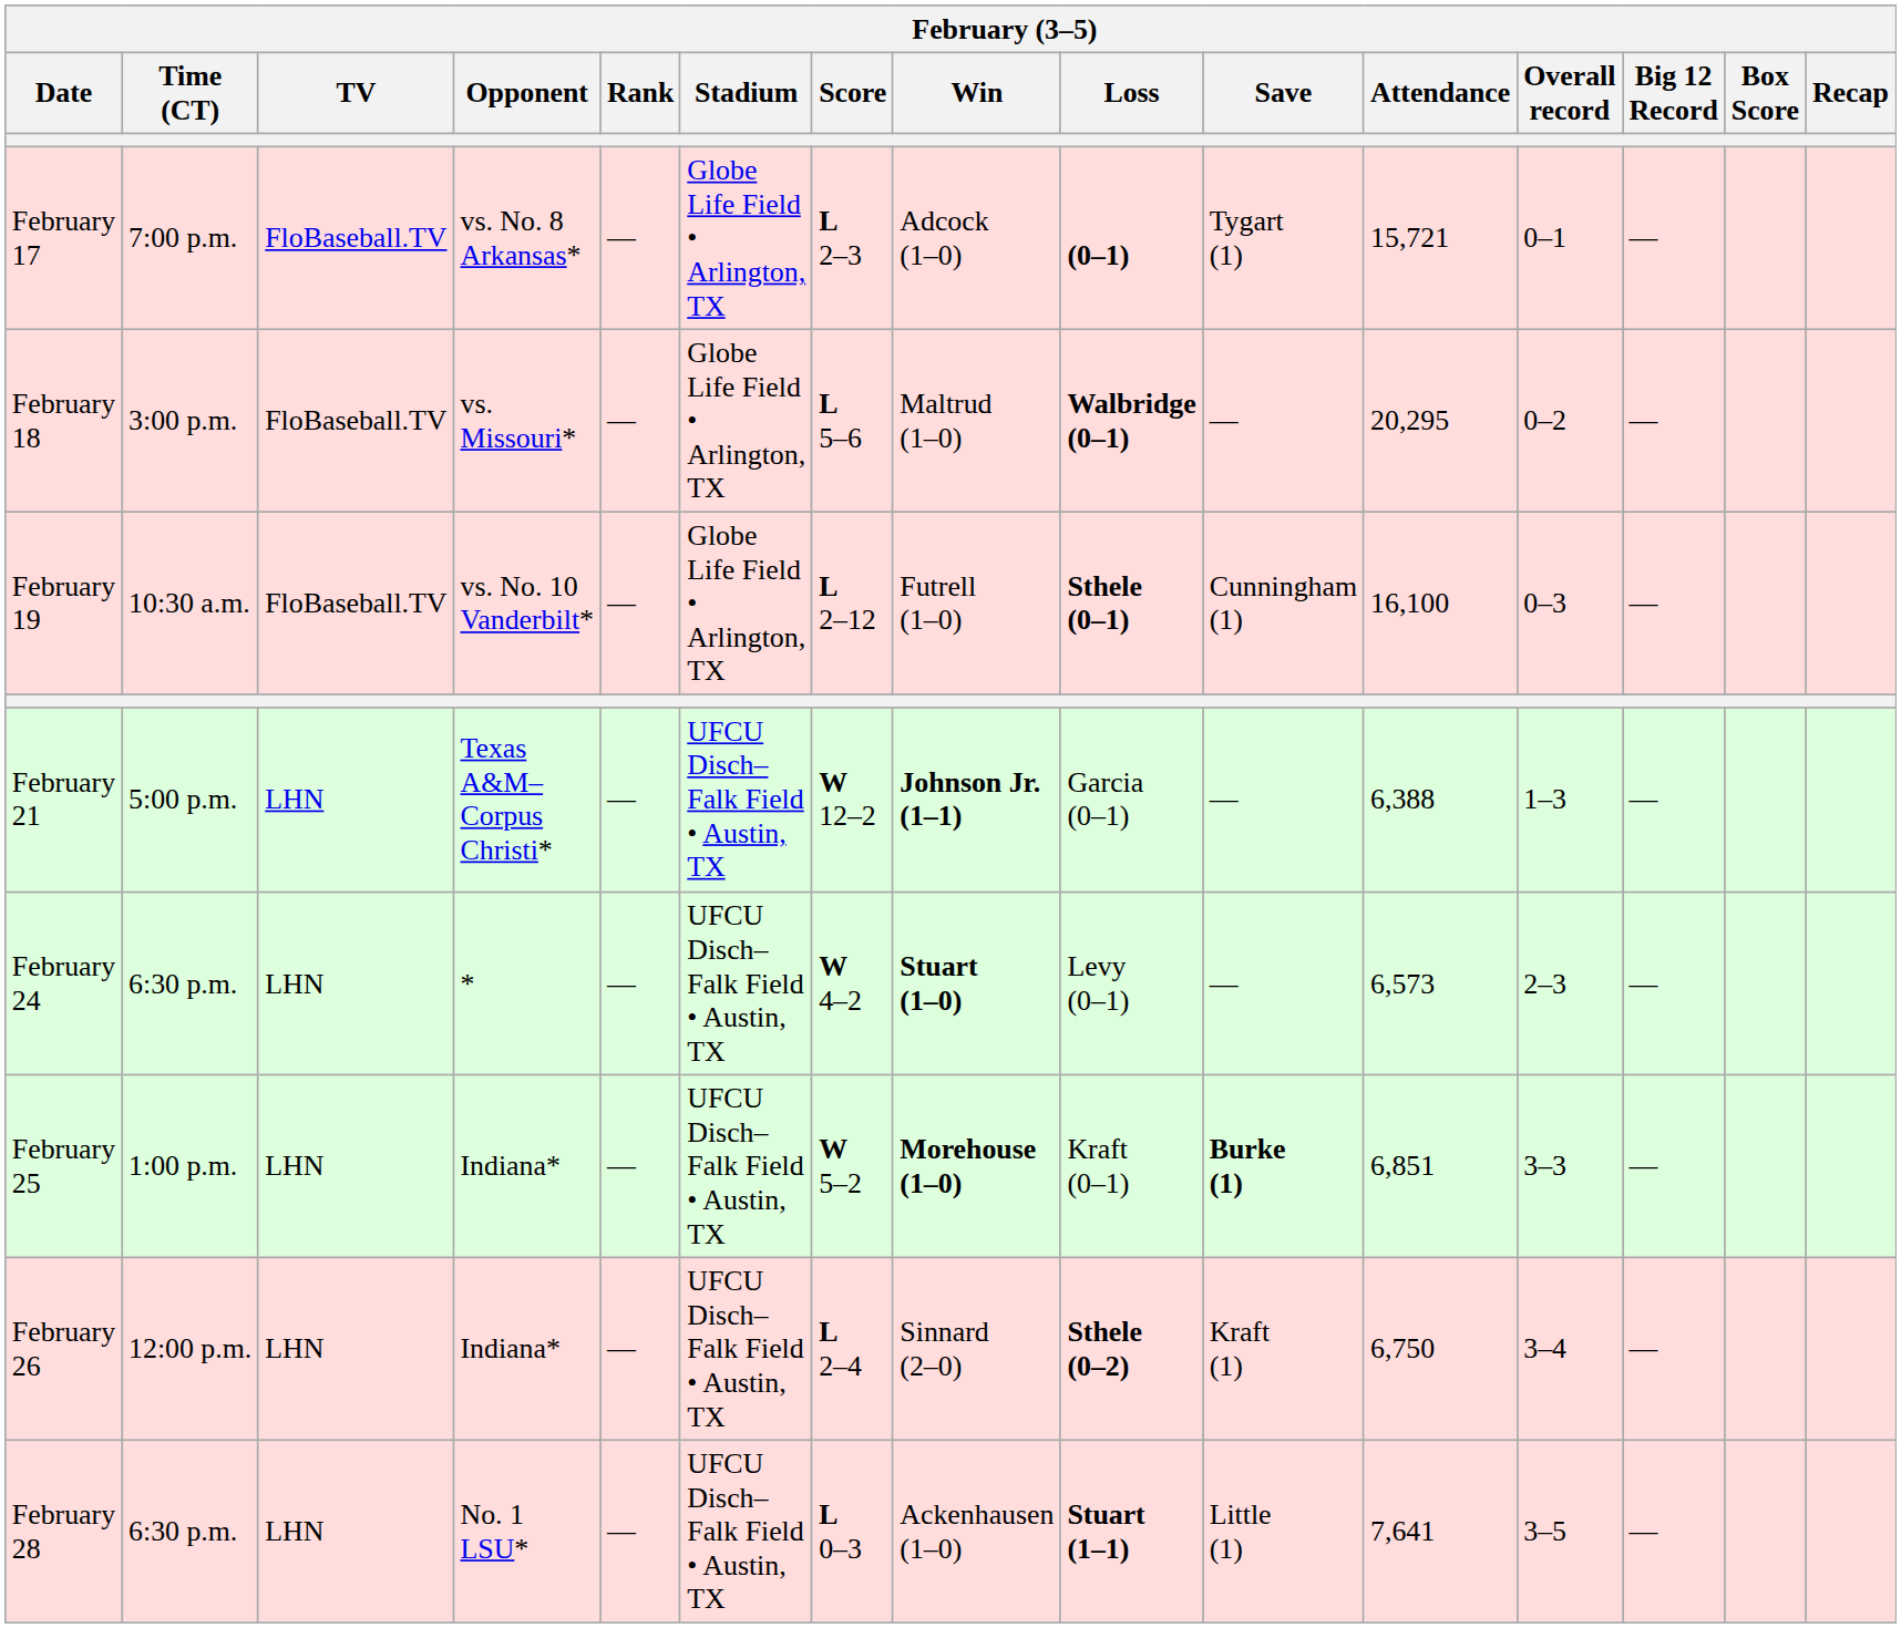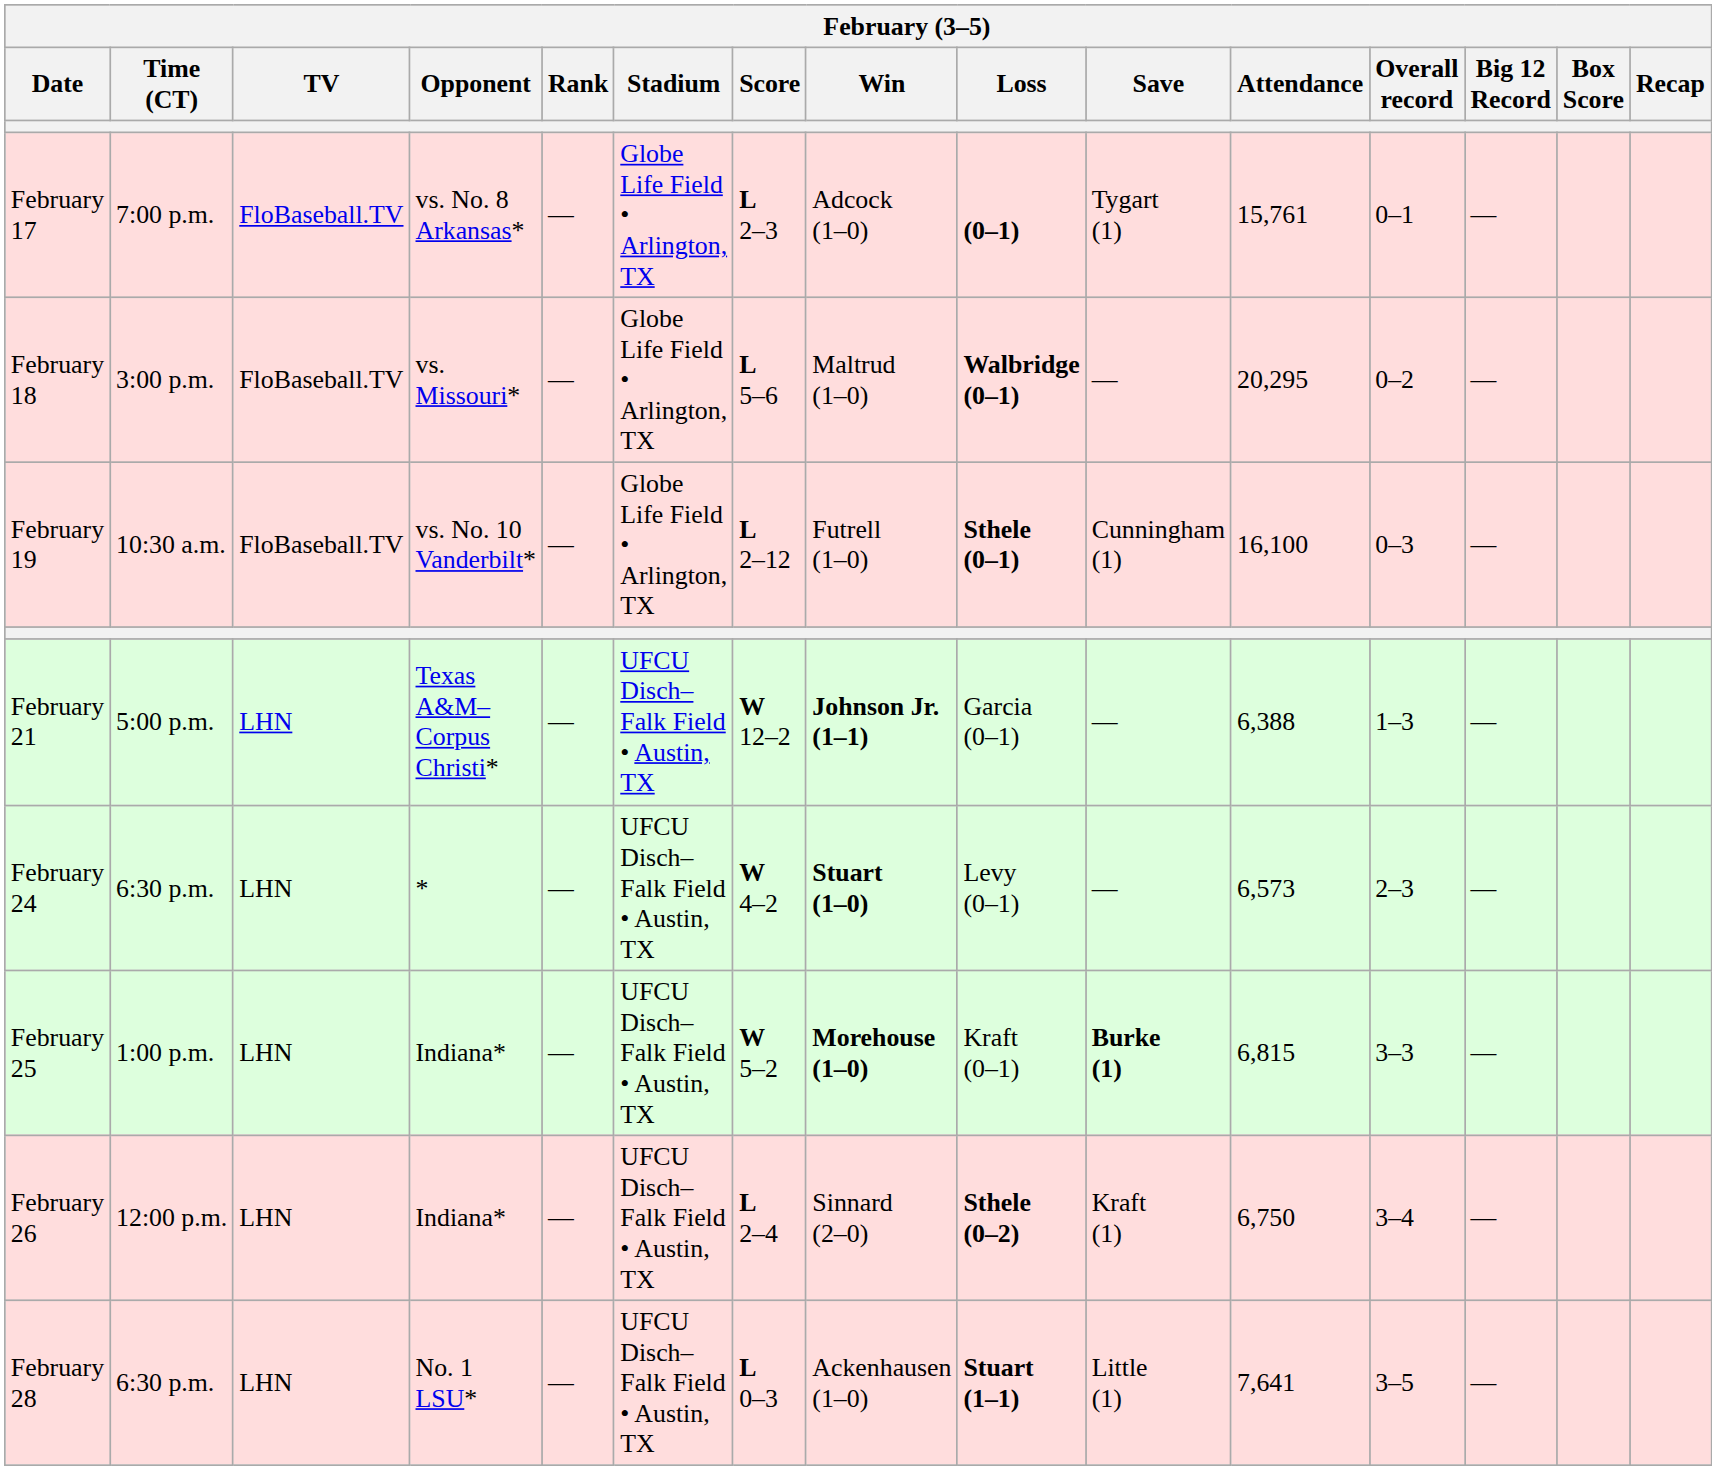 <table class="wikitable collapsible collapsed" style="margin:auto; font-size:95%; width:100%">
 <tr>
 <th colspan=15 style="padding-left:4em;">February (3–5)</th>
 </tr>
 <tr>
 <th>Date</th>
 <th>Time (CT)</th>
 <th>TV</th>
 <th>Opponent</th>
 <th>Rank</th>
 <th>Stadium</th>
 <th>Score</th>
 <th>Win</th>
 <th>Loss</th>
 <th>Save</th>
 <th>Attendance</th>
 <th>Overall record</th>
 <th>Big 12 Record</th>
 <th>Box Score</th>
 <th>Recap</th>
 </tr>
 <tr>
 <th colspan=15></th>
 </tr>
 <tr bgcolor=ffdddd>
 <td>February 17</td>
 <td>7:00 p.m.</td>
 <td><a href='#'>FloBaseball.TV</a></td>
 <td>vs. No. 8 <a href='#'>Arkansas</a>*</td>
 <td>—</td>
 <td><a href='#'>Globe Life Field</a> • <a href='#'>Arlington, TX</a></td>
 <td><strong>L</strong><br>2–3</td>
 <td>Adcock<br>(1–0)</td>
 <td><strong><br>(0–1)</strong></td>
 <td>Tygart<br>(1)</td>
-<td>15,721</td>
+<td>15,761</td>
 <td>0–1</td>
 <td>—</td>
 <td></td>
 <td></td>
 </tr>
 <tr bgcolor=ffdddd>
 <td>February 18</td>
 <td>3:00 p.m.</td>
 <td>FloBaseball.TV</td>
 <td>vs. <a href='#'>Missouri</a>*</td>
 <td>—</td>
 <td>Globe Life Field • Arlington, TX</td>
 <td><strong>L</strong><br>5–6</td>
 <td>Maltrud<br>(1–0)</td>
 <td><strong>Walbridge<br>(0–1)</strong></td>
 <td>—</td>
 <td>20,295</td>
 <td>0–2</td>
 <td>—</td>
 <td></td>
 <td></td>
 </tr>
 <tr bgcolor=ffdddd>
 <td>February 19</td>
 <td>10:30 a.m.</td>
 <td>FloBaseball.TV</td>
 <td>vs. No. 10 <a href='#'>Vanderbilt</a>*</td>
 <td>—</td>
 <td>Globe Life Field • Arlington, TX</td>
 <td><strong>L</strong><br>2–12</td>
 <td>Futrell<br>(1–0)</td>
 <td><strong>Sthele<br>(0–1)</strong></td>
 <td>Cunningham<br>(1)</td>
 <td>16,100</td>
 <td>0–3</td>
 <td>—</td>
 <td></td>
 <td></td>
 </tr>
 <tr>
 <th colspan=15></th>
 </tr>
 <tr bgcolor=ddffdd>
 <td>February 21</td>
 <td>5:00 p.m.</td>
 <td><a href='#'>LHN</a></td>
 <td><a href='#'>Texas A&M–Corpus Christi</a>*</td>
 <td>—</td>
 <td><a href='#'>UFCU Disch–Falk Field</a> • <a href='#'>Austin, TX</a></td>
 <td><strong>W</strong><br>12–2</td>
 <td><strong>Johnson Jr.<br>(1–1)</strong></td>
 <td>Garcia<br>(0–1)</td>
 <td>—</td>
 <td>6,388</td>
 <td>1–3</td>
 <td>—</td>
 <td></td>
 <td></td>
 </tr>
 <tr bgcolor=ddffdd>
 <td>February 24</td>
 <td>6:30 p.m.</td>
 <td>LHN</td>
 <td>*</td>
 <td>—</td>
 <td>UFCU Disch–Falk Field • Austin, TX</td>
 <td><strong>W</strong><br>4–2</td>
 <td><strong>Stuart<br>(1–0)</strong></td>
 <td>Levy<br>(0–1)</td>
 <td>—</td>
 <td>6,573</td>
 <td>2–3</td>
 <td>—</td>
 <td></td>
 <td></td>
 </tr>
 <tr bgcolor=ddffdd>
 <td>February 25</td>
 <td>1:00 p.m.</td>
 <td>LHN</td>
 <td>Indiana*</td>
 <td>—</td>
 <td>UFCU Disch–Falk Field • Austin, TX</td>
 <td><strong>W</strong><br>5–2</td>
 <td><strong>Morehouse<br>(1–0)</strong></td>
 <td>Kraft<br>(0–1)</td>
 <td><strong>Burke<br>(1)</strong></td>
-<td>6,851</td>
+<td>6,815</td>
 <td>3–3</td>
 <td>—</td>
 <td></td>
 <td></td>
 </tr>
 <tr bgcolor= ffdddd>
 <td>February 26</td>
 <td>12:00 p.m.</td>
 <td>LHN</td>
 <td>Indiana*</td>
 <td>—</td>
 <td>UFCU Disch–Falk Field • Austin, TX</td>
 <td><strong>L</strong><br>2–4</td>
 <td>Sinnard<br>(2–0)</td>
 <td><strong>Sthele<br>(0–2)</strong></td>
 <td>Kraft<br>(1)</td>
 <td>6,750</td>
 <td>3–4</td>
 <td>—</td>
 <td></td>
 <td></td>
 </tr>
 <tr bgcolor= ffdddd>
 <td>February 28</td>
 <td>6:30 p.m.</td>
 <td>LHN</td>
 <td>No. 1 <a href='#'>LSU</a>*</td>
 <td>—</td>
 <td>UFCU Disch–Falk Field • Austin, TX</td>
 <td><strong>L</strong><br>0–3</td>
 <td>Ackenhausen<br>(1–0)</td>
 <td><strong>Stuart<br>(1–1)</strong></td>
 <td>Little<br>(1)</td>
 <td>7,641</td>
 <td>3–5</td>
 <td>—</td>
 <td></td>
 <td></td>
 </tr>
 </table>
